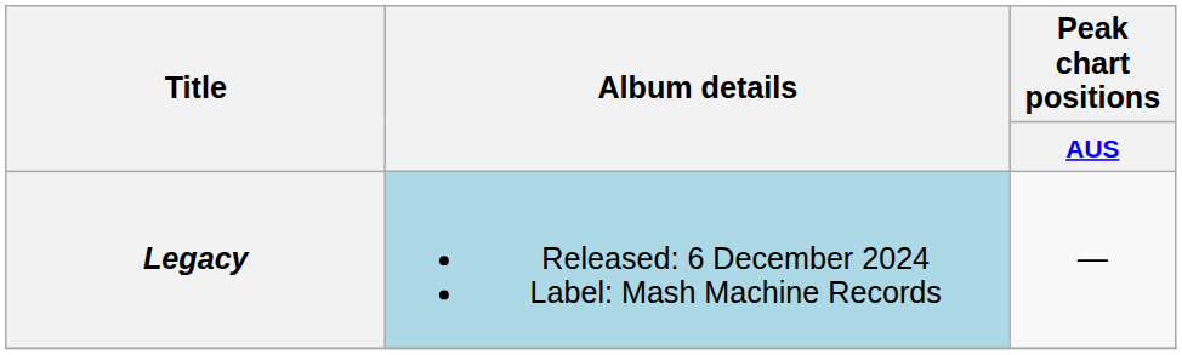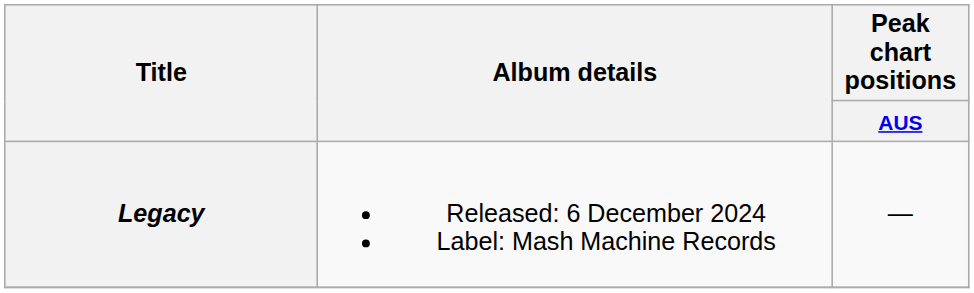 <table class="wikitable plainrowheaders" style="text-align:center">
 <tr>
 <th scope="col" rowspan="2" style="width:12em;">Title</th>
 <th scope="col" rowspan="2" style="width:20em;">Album details</th>
 <th scope="col" colspan="1" style="width:5em;">Peak chart<br>positions</th>
 </tr>
 <tr>
 <th scope="col" style="text-align:center;"><small><a href='#'>AUS</a></small></th>
 </tr>
 <tr>
 <th scope="row"><em>Legacy</em></th>
-<td style="background: lightblue;"><br><ul><li>Released: 6 December 2024</li><li>Label: Mash Machine Records</li></ul></td>
+<td><br><ul><li>Released: 6 December 2024</li><li>Label: Mash Machine Records</li></ul></td>
 <td>—</td>
 </tr>
 <tr>
 </tr>
 </table>
